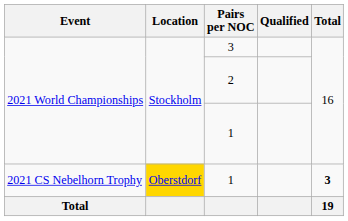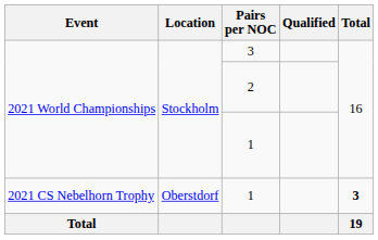 <table class="wikitable">
 <tr>
 <th>Event</th>
 <th>Location</th>
 <th>Pairs<br> per NOC</th>
 <th>Qualified</th>
 <th>Total</th>
 </tr>
 <tr>
 <td rowspan = 3><a href='#'>2021 World Championships</a></td>
 <td rowspan = 3> <a href='#'>Stockholm</a></td>
 <td align="center">3</td>
 <td></td>
 <td rowspan = 3 align="center">16</td>
 </tr>
 <tr>
 <td align="center">2</td>
 <td><br><br><br></td>
 </tr>
 <tr>
 <td align="center">1</td>
 <td><br><br><br><br></td>
 </tr>
 <tr>
 <td><a href='#'>2021 CS Nebelhorn Trophy</a></td>
-<td style="background: gold;"> <a href='#'>Oberstdorf</a></td>
+<td> <a href='#'>Oberstdorf</a></td>
 <td align="center">1</td>
 <td><br><br></td>
 <td align="center"><strong>3</strong></td>
 </tr>
 <tr>
 <th>Total</th>
 <th></th>
 <th></th>
 <th></th>
 <th>19</th>
 </tr>
 </table>
